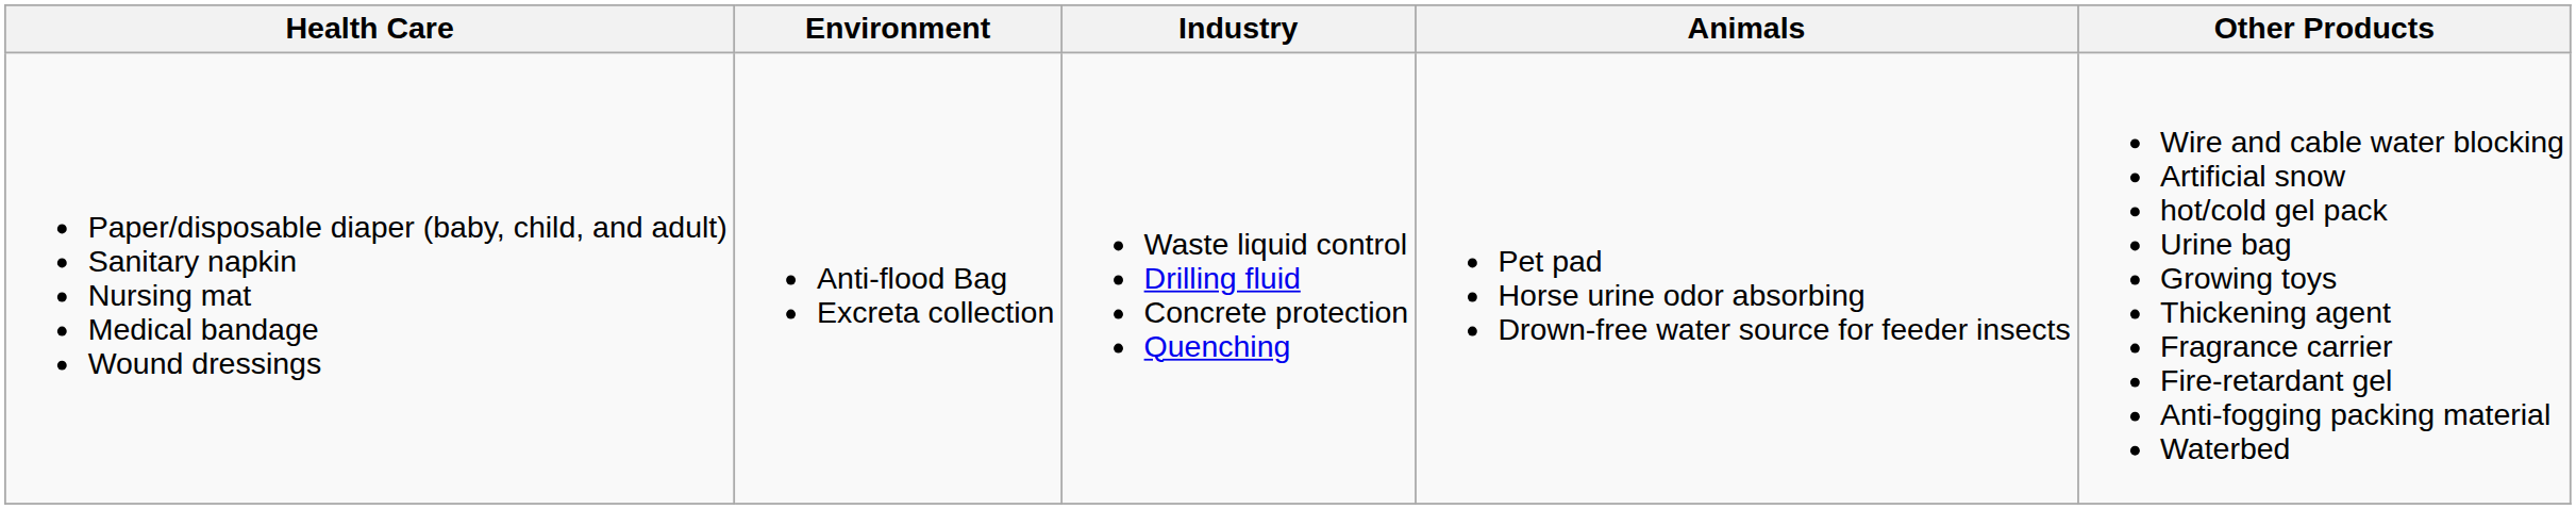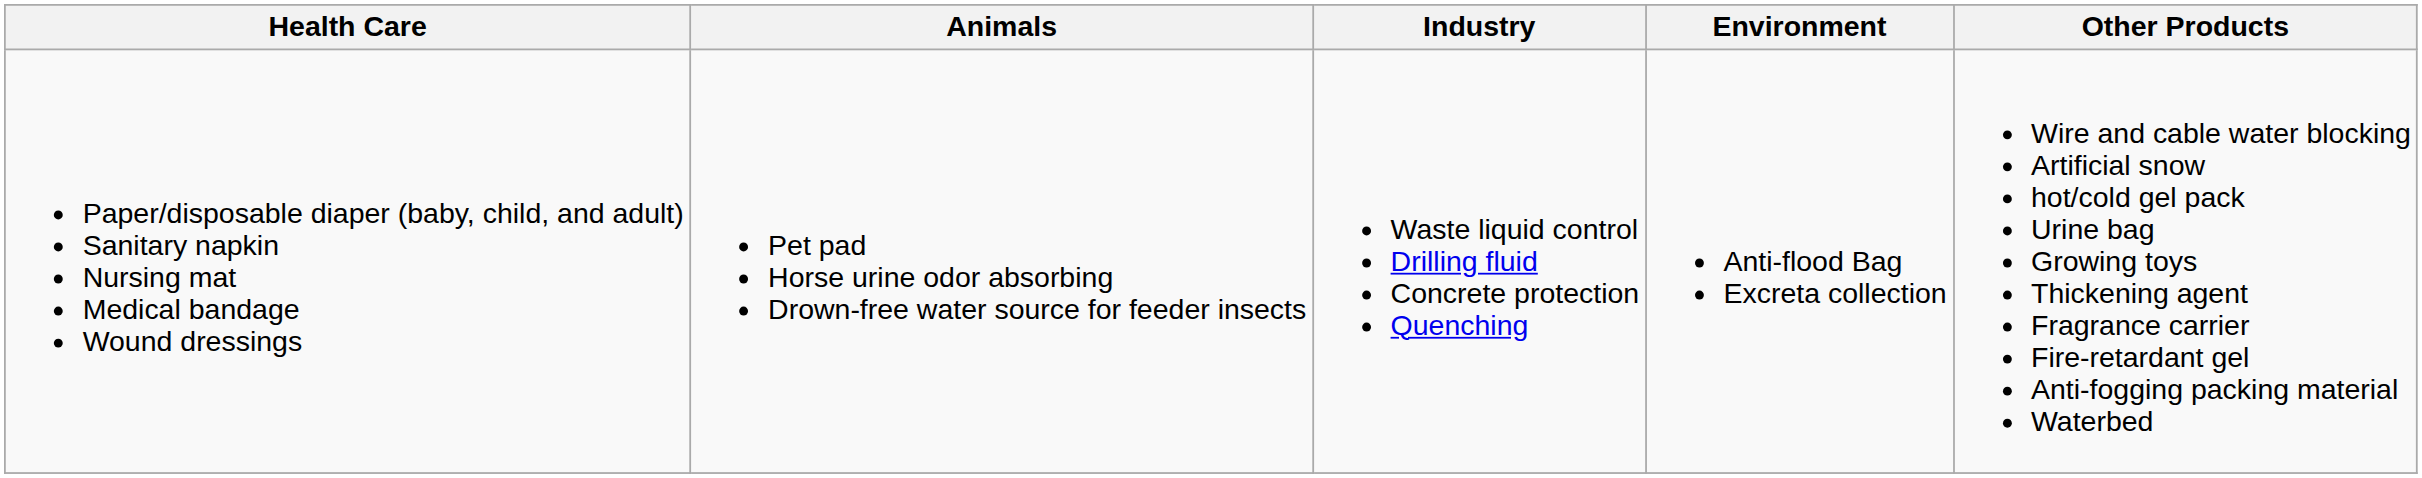 <table class="wikitable">
 <tr>
 <th>Health Care</th>
+<th>Animals</th>
+<th>Industry</th>
 <th>Environment</th>
-<th>Industry</th>
-<th>Animals</th>
 <th>Other Products</th>
 </tr>
 <tr>
 <td><br><ul><li>Paper/disposable diaper (baby, child, and adult)</li><li>Sanitary napkin</li><li>Nursing mat</li><li>Medical bandage</li><li>Wound dressings</li></ul></td>
+<td><br><ul><li>Pet pad</li><li>Horse urine odor absorbing</li><li>Drown-free water source for feeder insects</li></ul></td>
+<td><br><ul><li>Waste liquid control</li><li><a href='#'>Drilling fluid</a></li><li>Concrete protection</li><li><a href='#'>Quenching</a></li></ul></td>
 <td><br><ul><li>Anti-flood Bag</li><li>Excreta collection</li></ul></td>
-<td><br><ul><li>Waste liquid control</li><li><a href='#'>Drilling fluid</a></li><li>Concrete protection</li><li><a href='#'>Quenching</a></li></ul></td>
-<td><br><ul><li>Pet pad</li><li>Horse urine odor absorbing</li><li>Drown-free water source for feeder insects</li></ul></td>
 <td><br><ul><li>Wire and cable water blocking</li><li>Artificial snow</li><li>hot/cold gel pack</li><li>Urine bag</li><li>Growing toys</li><li>Thickening agent</li><li>Fragrance carrier</li><li>Fire-retardant gel</li><li>Anti-fogging packing material</li><li>Waterbed</li></ul></td>
 </tr>
 </table>
